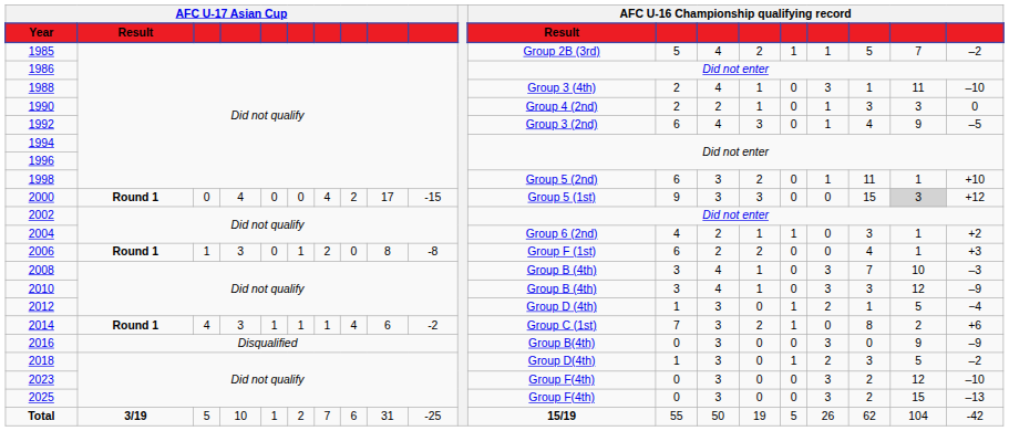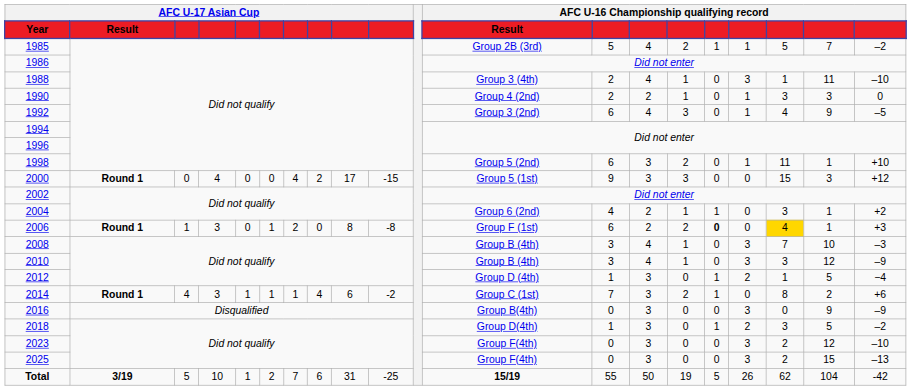 <table Class = "wikitable" style = "text-align: center; width:70%;">
 <tr>
 <th colspan=10><a href='#'>AFC U-17 Asian Cup</a></th>
 <th style="width:1%;" rowspan="25"></th>
 <th colspan=9>AFC U-16 Championship qualifying record</th>
 </tr>
 <tr>
 <th style="background:#ED1C24;border: 2px solid #3F43A4;"><span>Year</span></th>
 <th style="background:#ED1C24;border: 2px solid #3F43A4;"><span>Result</span></th>
 <th style="background:#ED1C24;border: 2px solid #3F43A4;"><span></span></th>
 <th style="background:#ED1C24;border: 2px solid #3F43A4;"><span></span></th>
 <th style="background:#ED1C24;border: 2px solid #3F43A4;"><span></span></th>
 <th style="background:#ED1C24;border: 2px solid #3F43A4;"><span></span></th>
 <th style="background:#ED1C24;border: 2px solid #3F43A4;"><span></span></th>
 <th style="background:#ED1C24;border: 2px solid #3F43A4;"><span></span></th>
 <th style="background:#ED1C24;border: 2px solid #3F43A4;"><span></span></th>
 <th style="background:#ED1C24;border: 2px solid #3F43A4;"><span></span></th>
 <th style="background:#ED1C24;border: 2px solid #3F43A4;"><span>Result</span></th>
 <th style="background:#ED1C24;border: 2px solid #3F43A4;"><span></span></th>
 <th style="background:#ED1C24;border: 2px solid #3F43A4;"><span></span></th>
 <th style="background:#ED1C24;border: 2px solid #3F43A4;"><span></span></th>
 <th style="background:#ED1C24;border: 2px solid #3F43A4;"><span></span></th>
 <th style="background:#ED1C24;border: 2px solid #3F43A4;"><span></span></th>
 <th style="background:#ED1C24;border: 2px solid #3F43A4;"><span></span></th>
 <th style="background:#ED1C24;border: 2px solid #3F43A4;"><span></span></th>
 <th style="background:#ED1C24;border: 2px solid #3F43A4;"><span></span></th>
 </tr>
 <tr>
 <td> <a href='#'>1985</a></td>
 <td colspan=9 rowspan=8><em>Did not qualify</em></td>
 <td colspan =1><a href='#'>Group 2B (3rd)</a></td>
 <td>5</td>
 <td>4</td>
 <td>2</td>
 <td>1</td>
 <td>1</td>
 <td>5</td>
 <td>7</td>
 <td>–2</td>
 </tr>
 <tr>
 <td> <a href='#'>1986</a></td>
 <td colspan =9><a href='#'><em>Did not enter</em></a></td>
 </tr>
 <tr>
 <td> <a href='#'>1988</a></td>
 <td><a href='#'>Group 3 (4th)</a></td>
 <td>2</td>
 <td>4</td>
 <td>1</td>
 <td>0</td>
 <td>3</td>
 <td>1</td>
 <td>11</td>
 <td>–10</td>
 </tr>
 <tr>
 <td> <a href='#'>1990</a></td>
 <td><a href='#'>Group 4 (2nd)</a></td>
 <td>2</td>
 <td>2</td>
 <td>1</td>
 <td>0</td>
 <td>1</td>
 <td>3</td>
 <td>3</td>
 <td>0</td>
 </tr>
 <tr>
 <td> <a href='#'>1992</a></td>
 <td colspan =1><a href='#'>Group 3 (2nd)</a></td>
 <td>6</td>
 <td>4</td>
 <td>3</td>
 <td>0</td>
 <td>1</td>
 <td>4</td>
 <td>9</td>
 <td>–5</td>
 </tr>
 <tr>
 <td> <a href='#'>1994</a></td>
 <td colspan =9 rowspan=2><em>Did not enter</em></td>
 </tr>
 <tr>
 <td> <a href='#'>1996</a></td>
 </tr>
 <tr>
 <td> <a href='#'>1998</a></td>
 <td colspan =1><a href='#'>Group 5 (2nd)</a></td>
 <td>6</td>
 <td>3</td>
 <td>2</td>
 <td>0</td>
 <td>1</td>
 <td>11</td>
 <td>1</td>
 <td>+10</td>
 </tr>
 <tr>
 <td> <a href='#'>2000</a></td>
 <td><strong>Round 1</strong></td>
 <td>0</td>
 <td>4</td>
 <td>0</td>
 <td>0</td>
 <td>4</td>
 <td>2</td>
 <td>17</td>
 <td>-15</td>
 <td><a href='#'>Group 5 (1st)</a></td>
 <td>9</td>
 <td>3</td>
 <td>3</td>
 <td>0</td>
 <td>0</td>
 <td>15</td>
-<td style="background: lightgrey;">3</td>
+<td>3</td>
 <td>+12</td>
 </tr>
 <tr>
 <td> <a href='#'>2002</a></td>
 <td colspan=9 rowspan=2><em>Did not qualify</em></td>
 <td colspan=10><a href='#'><em>Did not enter</em></a></td>
 </tr>
 <tr>
 <td> <a href='#'>2004</a></td>
 <td colspan =1><a href='#'>Group 6 (2nd)</a></td>
 <td>4</td>
 <td>2</td>
 <td>1</td>
 <td>1</td>
 <td>0</td>
 <td>3</td>
 <td>1</td>
 <td>+2</td>
 </tr>
 <tr>
 <td> <a href='#'>2006</a></td>
 <td><strong>Round 1</strong></td>
 <td>1</td>
 <td>3</td>
 <td>0</td>
 <td>1</td>
 <td>2</td>
 <td>0</td>
 <td>8</td>
 <td>-8</td>
 <td><a href='#'>Group F (1st)</a></td>
 <td>6</td>
 <td>2</td>
 <td>2</td>
+<td><strong>0</strong></td>
 <td>0</td>
-<td>0</td>
-<td>4</td>
+<td style="background: gold;">4</td>
 <td>1</td>
 <td>+3</td>
 </tr>
 <tr>
 <td> <a href='#'>2008</a></td>
 <td colspan=9 rowspan=3><em>Did not qualify</em></td>
 <td colspan = 1 rowspan = 1><a href='#'>Group B (4th)</a></td>
 <td>3</td>
 <td>4</td>
 <td>1</td>
 <td>0</td>
 <td>3</td>
 <td>7</td>
 <td>10</td>
 <td>–3</td>
 </tr>
 <tr>
 <td> <a href='#'>2010</a></td>
 <td colspan = 1><a href='#'>Group B (4th)</a></td>
 <td>3</td>
 <td>4</td>
 <td>1</td>
 <td>0</td>
 <td>3</td>
 <td>3</td>
 <td>12</td>
 <td>–9</td>
 </tr>
 <tr>
 <td> <a href='#'>2012</a></td>
 <td colspan=1><a href='#'>Group D (4th)</a></td>
 <td>1</td>
 <td>3</td>
 <td>0</td>
 <td>1</td>
 <td>2</td>
 <td>1</td>
 <td>5</td>
 <td>−4</td>
 </tr>
 <tr>
 <td> <a href='#'>2014</a></td>
 <td><strong>Round 1</strong></td>
 <td>4</td>
 <td>3</td>
 <td>1</td>
 <td>1</td>
 <td>1</td>
 <td>4</td>
 <td>6</td>
 <td>-2</td>
 <td><a href='#'>Group C (1st)</a></td>
 <td>7</td>
 <td>3</td>
 <td>2</td>
 <td>1</td>
 <td>0</td>
 <td>8</td>
 <td>2</td>
 <td>+6</td>
 </tr>
 <tr>
 <td> <a href='#'>2016</a></td>
 <td colspan=9><em>Disqualified</em></td>
 <td colspan = 1 rowspan = 1><a href='#'>Group B(4th)</a></td>
 <td>0</td>
 <td>3</td>
 <td>0</td>
 <td>0</td>
 <td>3</td>
 <td>0</td>
 <td>9</td>
 <td>–9</td>
 </tr>
 <tr>
 <td> <a href='#'>2018</a></td>
 <td colspan=9 rowspan=3><em>Did not qualify</em></td>
 <td colspan = 1 rowspan = 1><a href='#'>Group D(4th)</a></td>
 <td>1</td>
 <td>3</td>
 <td>0</td>
 <td>1</td>
 <td>2</td>
 <td>3</td>
 <td>5</td>
 <td>–2</td>
 </tr>
 <tr>
 <td> <a href='#'>2023</a></td>
 <td colspan=1><a href='#'>Group F(4th)</a></td>
 <td>0</td>
 <td>3</td>
 <td>0</td>
 <td>0</td>
 <td>3</td>
 <td>2</td>
 <td>12</td>
 <td>–10</td>
 </tr>
 <tr>
 <td> <a href='#'>2025</a></td>
 <td colspan=1><a href='#'>Group F(4th)</a></td>
 <td>0</td>
 <td>3</td>
 <td>0</td>
 <td>0</td>
 <td>3</td>
 <td>2</td>
 <td>15</td>
 <td>–13</td>
 </tr>
 <tr>
 <td><strong>Total</strong></td>
 <td><strong>3/19</strong></td>
 <td>5</td>
 <td>10</td>
 <td>1</td>
 <td>2</td>
 <td>7</td>
 <td>6</td>
 <td>31</td>
 <td>-25</td>
 <td><strong>15/19</strong></td>
 <td>55</td>
 <td>50</td>
 <td>19</td>
 <td>5</td>
 <td>26</td>
 <td>62</td>
 <td>104</td>
 <td>-42</td>
 </tr>
 </table>
